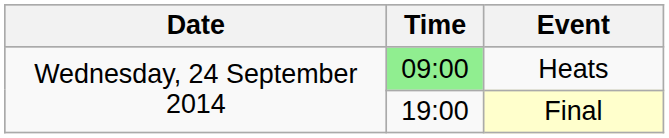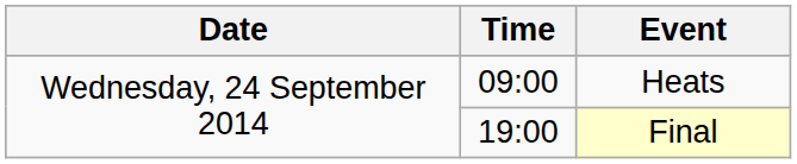 <table class = "wikitable" style="text-align:center;">
 <tr>
 <th width=220>Date</th>
 <th width=50>Time</th>
 <th width=100>Event</th>
 </tr>
 <tr>
 <td rowspan=2>Wednesday, 24 September 2014</td>
-<td style="background: lightgreen;">09:00</td>
+<td>09:00</td>
 <td>Heats</td>
 </tr>
 <tr>
 <td>19:00</td>
 <td bgcolor=ffffcc>Final</td>
 </tr>
 </table>
